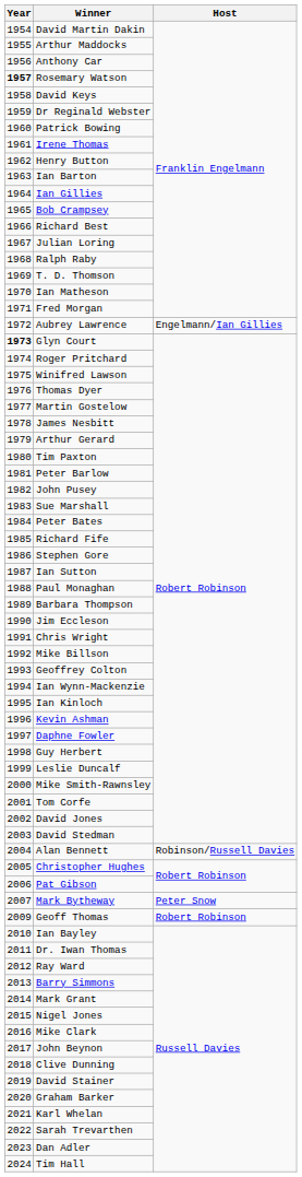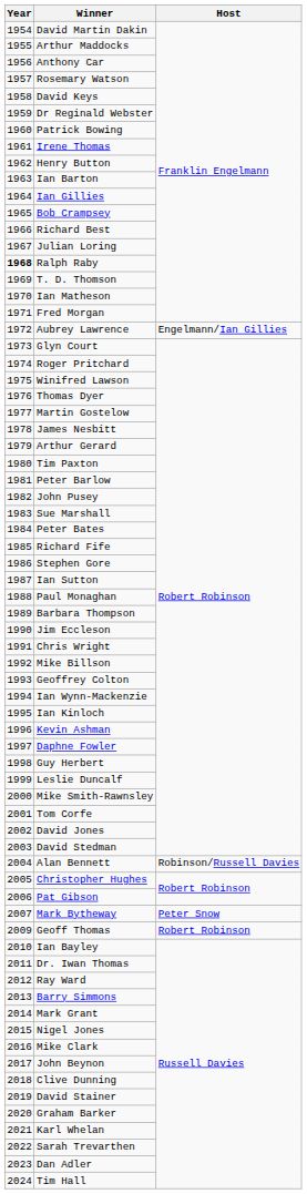 <table class="wikitable">
 <tr>
 <th><strong>Year</strong></th>
 <th><strong>Winner</strong></th>
 <th><strong>Host</strong></th>
 </tr>
 <tr>
 <td>1954</td>
 <td>David Martin Dakin</td>
 <td rowspan="19"><a href='#'>Franklin Engelmann</a></td>
 </tr>
 <tr>
 <td>1955</td>
 <td>Arthur Maddocks</td>
 </tr>
 <tr>
 <td>1956</td>
 <td>Anthony Car</td>
 </tr>
 <tr>
-<td><strong>1957</strong></td>
+<td>1957</td>
 <td>Rosemary Watson</td>
 </tr>
 <tr>
 <td>1958</td>
 <td>David Keys</td>
 </tr>
 <tr>
 <td>1959</td>
 <td>Dr Reginald Webster</td>
 </tr>
 <tr>
 <td>1960</td>
 <td>Patrick Bowing</td>
 </tr>
 <tr>
 <td>1961</td>
 <td><a href='#'>Irene Thomas</a></td>
 </tr>
 <tr>
 <td>1962</td>
 <td>Henry Button</td>
 </tr>
 <tr>
 <td>1963</td>
 <td>Ian Barton</td>
 </tr>
 <tr>
 <td>1964</td>
 <td><a href='#'>Ian Gillies</a></td>
 </tr>
 <tr>
 <td>1965</td>
 <td><a href='#'>Bob Crampsey</a></td>
 </tr>
 <tr>
 <td>1966</td>
 <td>Richard Best</td>
 </tr>
 <tr>
 <td>1967</td>
 <td>Julian Loring</td>
 </tr>
 <tr>
-<td>1968</td>
+<td><strong>1968</strong></td>
 <td>Ralph Raby</td>
 </tr>
 <tr>
 <td>1969</td>
 <td>T. D. Thomson</td>
 </tr>
 <tr>
 <td>1970</td>
 <td>Ian Matheson</td>
 </tr>
 <tr>
 <td>1971</td>
 <td>Fred Morgan</td>
 </tr>
 <tr>
 <td rowspan="2">1972</td>
 <td rowspan="2">Aubrey Lawrence</td>
 </tr>
 <tr>
 <td>Engelmann/<a href='#'>Ian Gillies</a></td>
 </tr>
 <tr>
-<td><strong>1973</strong></td>
+<td>1973</td>
 <td>Glyn Court</td>
 <td rowspan="31"><a href='#'>Robert Robinson</a></td>
 </tr>
 <tr>
 <td>1974</td>
 <td>Roger Pritchard</td>
 </tr>
 <tr>
 <td>1975</td>
 <td>Winifred Lawson</td>
 </tr>
 <tr>
 <td>1976</td>
 <td>Thomas Dyer</td>
 </tr>
 <tr>
 <td>1977</td>
 <td>Martin Gostelow</td>
 </tr>
 <tr>
 <td>1978</td>
 <td>James Nesbitt</td>
 </tr>
 <tr>
 <td>1979</td>
 <td>Arthur Gerard</td>
 </tr>
 <tr>
 <td>1980</td>
 <td>Tim Paxton</td>
 </tr>
 <tr>
 <td>1981</td>
 <td>Peter Barlow</td>
 </tr>
 <tr>
 <td>1982</td>
 <td>John Pusey</td>
 </tr>
 <tr>
 <td>1983</td>
 <td>Sue Marshall</td>
 </tr>
 <tr>
 <td>1984</td>
 <td>Peter Bates</td>
 </tr>
 <tr>
 <td>1985</td>
 <td>Richard Fife</td>
 </tr>
 <tr>
 <td>1986</td>
 <td>Stephen Gore</td>
 </tr>
 <tr>
 <td>1987</td>
 <td>Ian Sutton</td>
 </tr>
 <tr>
 <td>1988</td>
 <td>Paul Monaghan</td>
 </tr>
 <tr>
 <td>1989</td>
 <td>Barbara Thompson</td>
 </tr>
 <tr>
 <td>1990</td>
 <td>Jim Eccleson</td>
 </tr>
 <tr>
 <td>1991</td>
 <td>Chris Wright</td>
 </tr>
 <tr>
 <td>1992</td>
 <td>Mike Billson</td>
 </tr>
 <tr>
 <td>1993</td>
 <td>Geoffrey Colton</td>
 </tr>
 <tr>
 <td>1994</td>
 <td>Ian Wynn-Mackenzie</td>
 </tr>
 <tr>
 <td>1995</td>
 <td>Ian Kinloch</td>
 </tr>
 <tr>
 <td>1996</td>
 <td><a href='#'>Kevin Ashman</a></td>
 </tr>
 <tr>
 <td>1997</td>
 <td><a href='#'>Daphne Fowler</a></td>
 </tr>
 <tr>
 <td>1998</td>
 <td>Guy Herbert</td>
 </tr>
 <tr>
 <td>1999</td>
 <td>Leslie Duncalf</td>
 </tr>
 <tr>
 <td>2000</td>
 <td>Mike Smith-Rawnsley</td>
 </tr>
 <tr>
 <td>2001</td>
 <td>Tom Corfe</td>
 </tr>
 <tr>
 <td>2002</td>
 <td>David Jones</td>
 </tr>
 <tr>
 <td>2003</td>
 <td>David Stedman</td>
 </tr>
 <tr>
 <td>2004</td>
 <td>Alan Bennett</td>
 <td>Robinson/<a href='#'>Russell Davies</a></td>
 </tr>
 <tr>
 <td>2005</td>
 <td><a href='#'>Christopher Hughes</a></td>
 <td rowspan="2"><a href='#'>Robert Robinson</a></td>
 </tr>
 <tr>
 <td>2006</td>
 <td><a href='#'>Pat Gibson</a></td>
 </tr>
 <tr>
 <td>2007</td>
 <td><a href='#'>Mark Bytheway</a></td>
 <td><a href='#'>Peter Snow</a></td>
 </tr>
 <tr>
 <td>2009</td>
 <td>Geoff Thomas</td>
 <td><a href='#'>Robert Robinson</a></td>
 </tr>
 <tr>
 <td>2010</td>
 <td>Ian Bayley</td>
 <td rowspan="19"><a href='#'>Russell Davies</a></td>
 </tr>
 <tr>
 <td>2011</td>
 <td>Dr. Iwan Thomas</td>
 </tr>
 <tr>
 <td>2012</td>
 <td>Ray Ward</td>
 </tr>
 <tr>
 <td>2013</td>
 <td><a href='#'>Barry Simmons</a></td>
 </tr>
 <tr>
 <td>2014</td>
 <td>Mark Grant</td>
 </tr>
 <tr>
 <td>2015</td>
 <td>Nigel Jones</td>
 </tr>
 <tr>
 <td>2016</td>
 <td>Mike Clark</td>
 </tr>
 <tr>
 <td>2017</td>
 <td>John Beynon</td>
 </tr>
 <tr>
 <td>2018</td>
 <td>Clive Dunning</td>
 </tr>
 <tr>
 <td>2019</td>
 <td>David Stainer</td>
 </tr>
 <tr>
 <td>2020</td>
 <td>Graham Barker</td>
 </tr>
 <tr>
 <td>2021</td>
 <td>Karl Whelan</td>
 </tr>
 <tr>
 <td>2022</td>
 <td>Sarah Trevarthen</td>
 </tr>
 <tr>
 <td>2023</td>
 <td>Dan Adler</td>
 </tr>
 <tr>
 <td>2024</td>
 <td>Tim Hall</td>
 </tr>
 </table>
